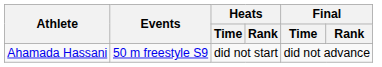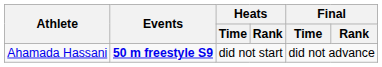 <table class=wikitable style="font-size:90%">
 <tr>
 <th rowspan=2>Athlete</th>
 <th rowspan=2>Events</th>
 <th colspan="2">Heats</th>
 <th colspan="2">Final</th>
 </tr>
 <tr>
 <th>Time</th>
 <th>Rank</th>
 <th>Time</th>
 <th>Rank</th>
 </tr>
 <tr align=center>
 <td align=left><a href='#'>Ahamada Hassani</a></td>
-<td align=left><a href='#'>50 m freestyle S9</a></td>
+<td align=left><strong><a href='#'>50 m freestyle S9</a></strong></td>
 <td colspan=2>did not start</td>
 <td colspan=2>did not advance</td>
 </tr>
 </table>
